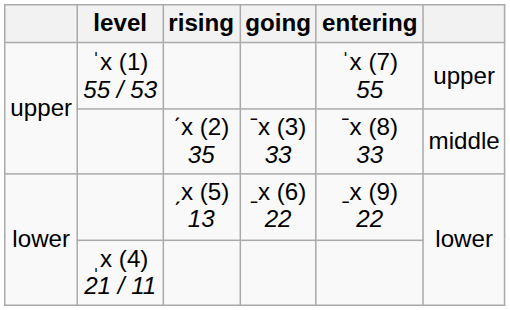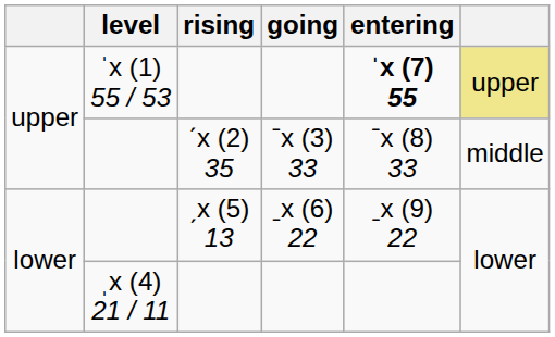 <table class="wikitable" style="text-align:center">
 <tr>
 <th></th>
 <th>level</th>
 <th>rising</th>
 <th>going</th>
 <th>entering</th>
 <th></th>
 </tr>
 <tr>
 <td rowspan="2">upper</td>
 <td>ˈx (1)<br> <em>55 / 53</em></td>
 <td></td>
 <td></td>
-<td>ˈx (7)<br> <em>55</em></td>
-<td>upper</td>
+<td><strong>ˈx (7)<br> <em>55</em></strong></td>
+<td style="background: khaki;">upper</td>
 </tr>
 <tr>
 <td></td>
 <td>ˊx (2)<br> <em>35</em></td>
 <td>ˉx (3)<br> <em>33</em></td>
 <td>ˉx (8)<br> <em>33</em></td>
 <td>middle</td>
 </tr>
 <tr>
 <td rowspan="2">lower</td>
 <td></td>
 <td>ˏx (5)<br> <em>13</em></td>
 <td>ˍx (6)<br> <em>22</em></td>
 <td>ˍx (9)<br> <em>22</em></td>
 <td rowspan="2">lower</td>
 </tr>
 <tr>
 <td>ˌx (4)<br> <em>21 / 11</em></td>
 <td></td>
 <td></td>
 <td></td>
 </tr>
 </table>
